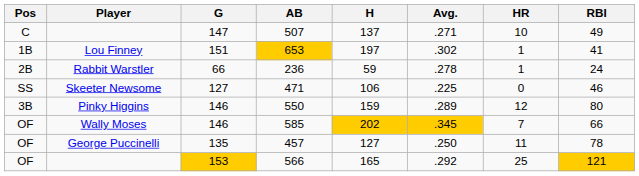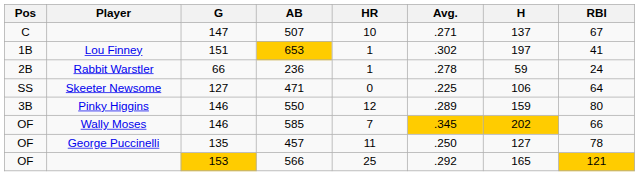 <table class="wikitable sortable">
 <tr>
 <th bgcolor="#DDDDFF" width="5%">Pos</th>
 <th bgcolor="#DDDDFF" width="16%">Player</th>
 <th bgcolor="#DDDDFF" width="9%">G</th>
 <th bgcolor="#DDDDFF" width="9%">AB</th>
+<th bgcolor="#DDDDFF" width="9%">HR</th>
+<th bgcolor="#DDDDFF" width="9%">Avg.</th>
 <th bgcolor="#DDDDFF" width="9%">H</th>
-<th bgcolor="#DDDDFF" width="9%">Avg.</th>
-<th bgcolor="#DDDDFF" width="9%">HR</th>
 <th bgcolor="#DDDDFF" width="9%">RBI</th>
 </tr>
 <tr align="center">
 <td>C</td>
 <td></td>
 <td>147</td>
 <td>507</td>
+<td>10</td>
+<td>.271</td>
 <td>137</td>
-<td>.271</td>
-<td>10</td>
-<td>49</td>
+<td>67</td>
 </tr>
 <tr align="center">
 <td>1B</td>
 <td><a href='#'>Lou Finney</a></td>
 <td>151</td>
 <td style="background:#fc0;">653</td>
+<td>1</td>
+<td>.302</td>
 <td>197</td>
-<td>.302</td>
-<td>1</td>
 <td>41</td>
 </tr>
 <tr align=center>
 <td>2B</td>
 <td><a href='#'>Rabbit Warstler</a></td>
 <td>66</td>
 <td>236</td>
+<td>1</td>
+<td>.278</td>
 <td>59</td>
-<td>.278</td>
-<td>1</td>
 <td>24</td>
 </tr>
 <tr align=center>
 <td>SS</td>
 <td><a href='#'>Skeeter Newsome</a></td>
 <td>127</td>
 <td>471</td>
+<td>0</td>
+<td>.225</td>
 <td>106</td>
-<td>.225</td>
-<td>0</td>
-<td>46</td>
+<td>64</td>
 </tr>
 <tr align=center>
 <td>3B</td>
 <td><a href='#'>Pinky Higgins</a></td>
 <td>146</td>
 <td>550</td>
+<td>12</td>
+<td>.289</td>
 <td>159</td>
-<td>.289</td>
-<td>12</td>
 <td>80</td>
 </tr>
 <tr align=center>
 <td>OF</td>
 <td><a href='#'>Wally Moses</a></td>
 <td>146</td>
 <td>585</td>
+<td>7</td>
+<td style="background:#fc0;">.345</td>
 <td style="background:#fc0;">202</td>
-<td style="background:#fc0;">.345</td>
-<td>7</td>
 <td>66</td>
 </tr>
 <tr align=center>
 <td>OF</td>
 <td><a href='#'>George Puccinelli</a></td>
 <td>135</td>
 <td>457</td>
+<td>11</td>
+<td>.250</td>
 <td>127</td>
-<td>.250</td>
-<td>11</td>
 <td>78</td>
 </tr>
 <tr align=center>
 <td>OF</td>
 <td></td>
 <td style="background:#fc0;">153</td>
 <td>566</td>
+<td>25</td>
+<td>.292</td>
 <td>165</td>
-<td>.292</td>
-<td>25</td>
 <td style="background:#fc0;">121</td>
 </tr>
 </table>
